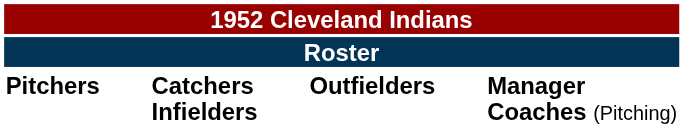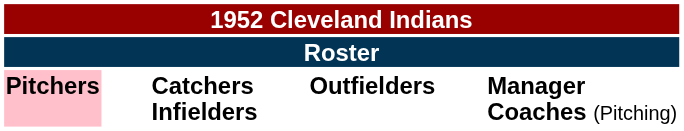 <table class="toccolours" style="font-size: 95%;">
 <tr>
 <th colspan="10" style="background-color: #990000; color: white; text-align: center;">1952 Cleveland Indians</th>
 </tr>
 <tr>
 <td colspan="10" style="background-color: #023456; color: white; text-align: center;"><strong>Roster</strong></td>
 </tr>
 <tr>
-<td valign="top"><strong>Pitchers</strong><br>            </td>
+<td valign="top" style="background: pink;"><strong>Pitchers</strong><br>            </td>
 <td width="25px"></td>
 <td valign="top"><strong>Catchers</strong><br>    <strong>Infielders</strong>          </td>
 <td width="25px"></td>
 <td valign="top"><strong>Outfielders</strong><br>        </td>
 <td width="25px"></td>
 <td valign="top"><strong>Manager</strong><br> <strong>Coaches</strong>    <small>(Pitching)</small> </td>
 </tr>
 </table>
